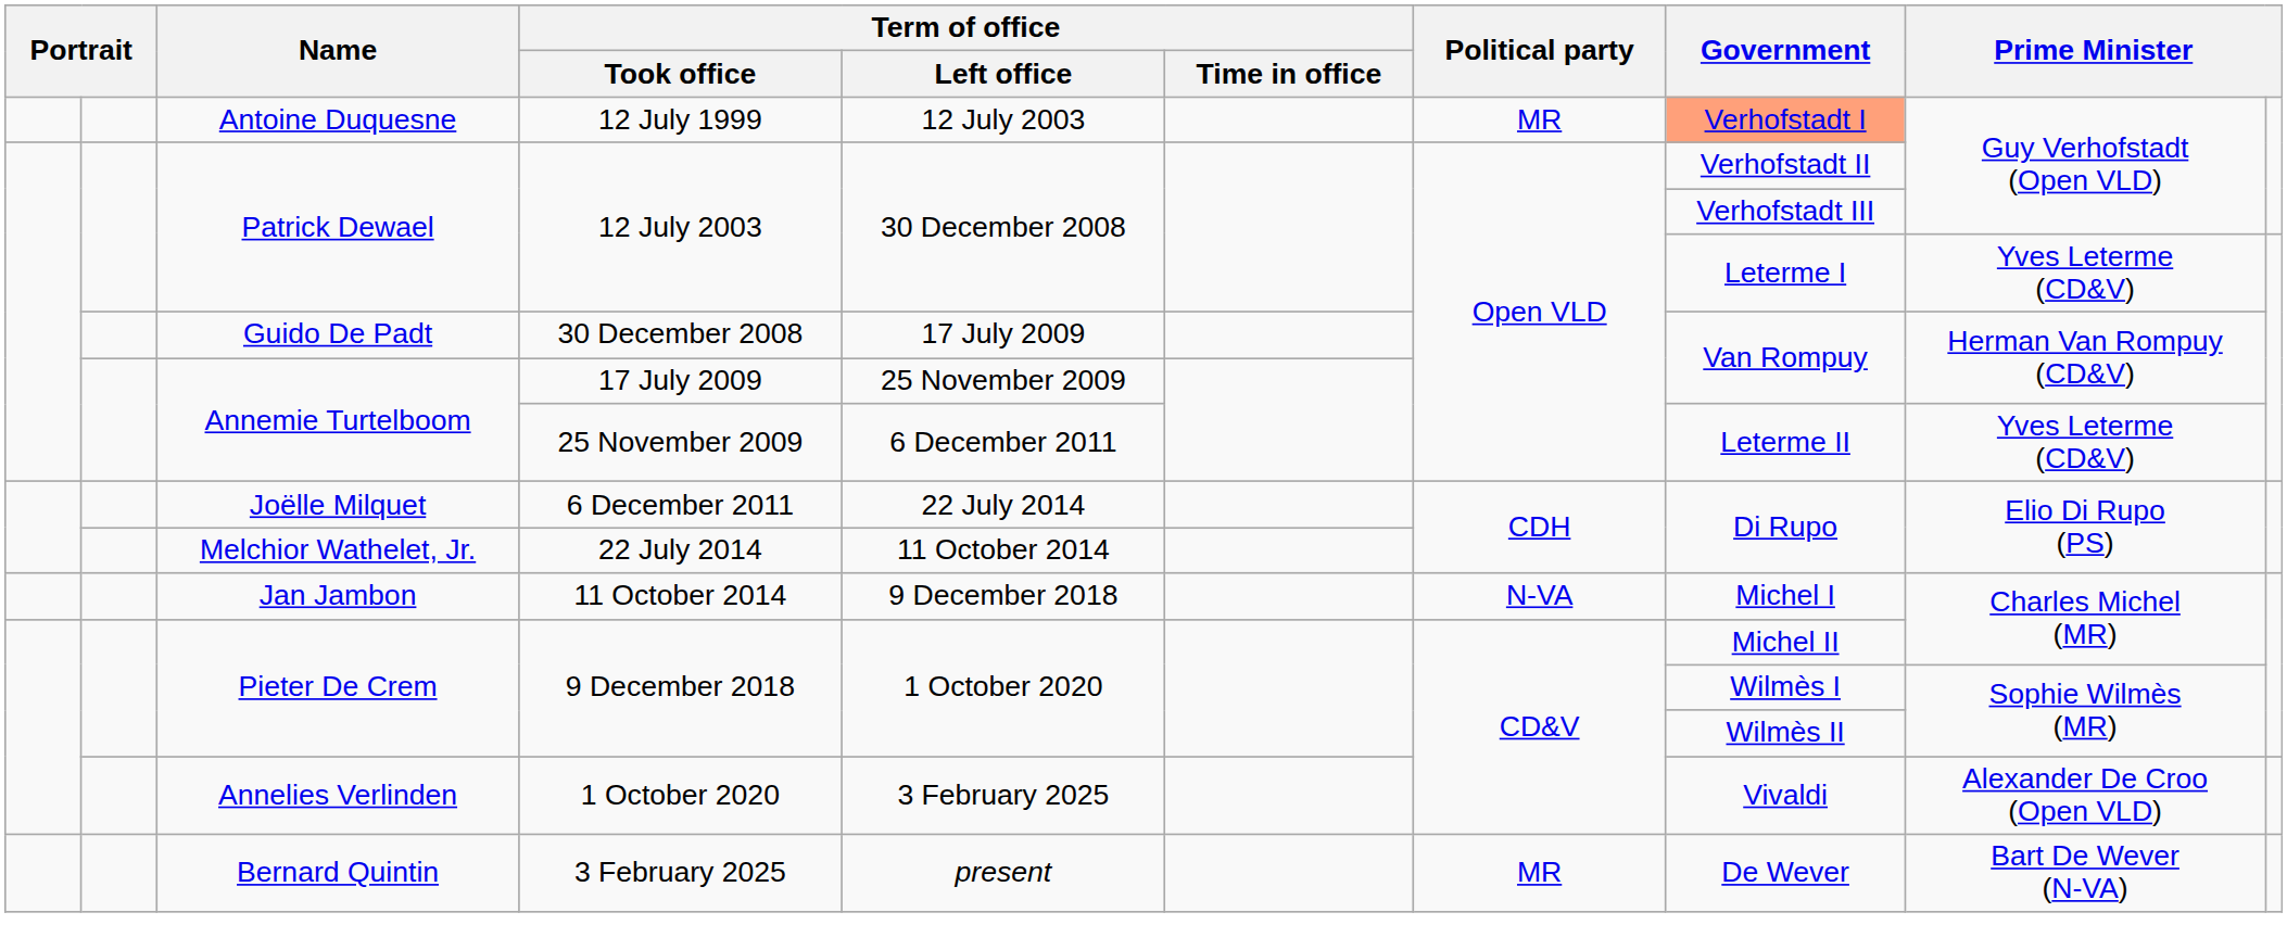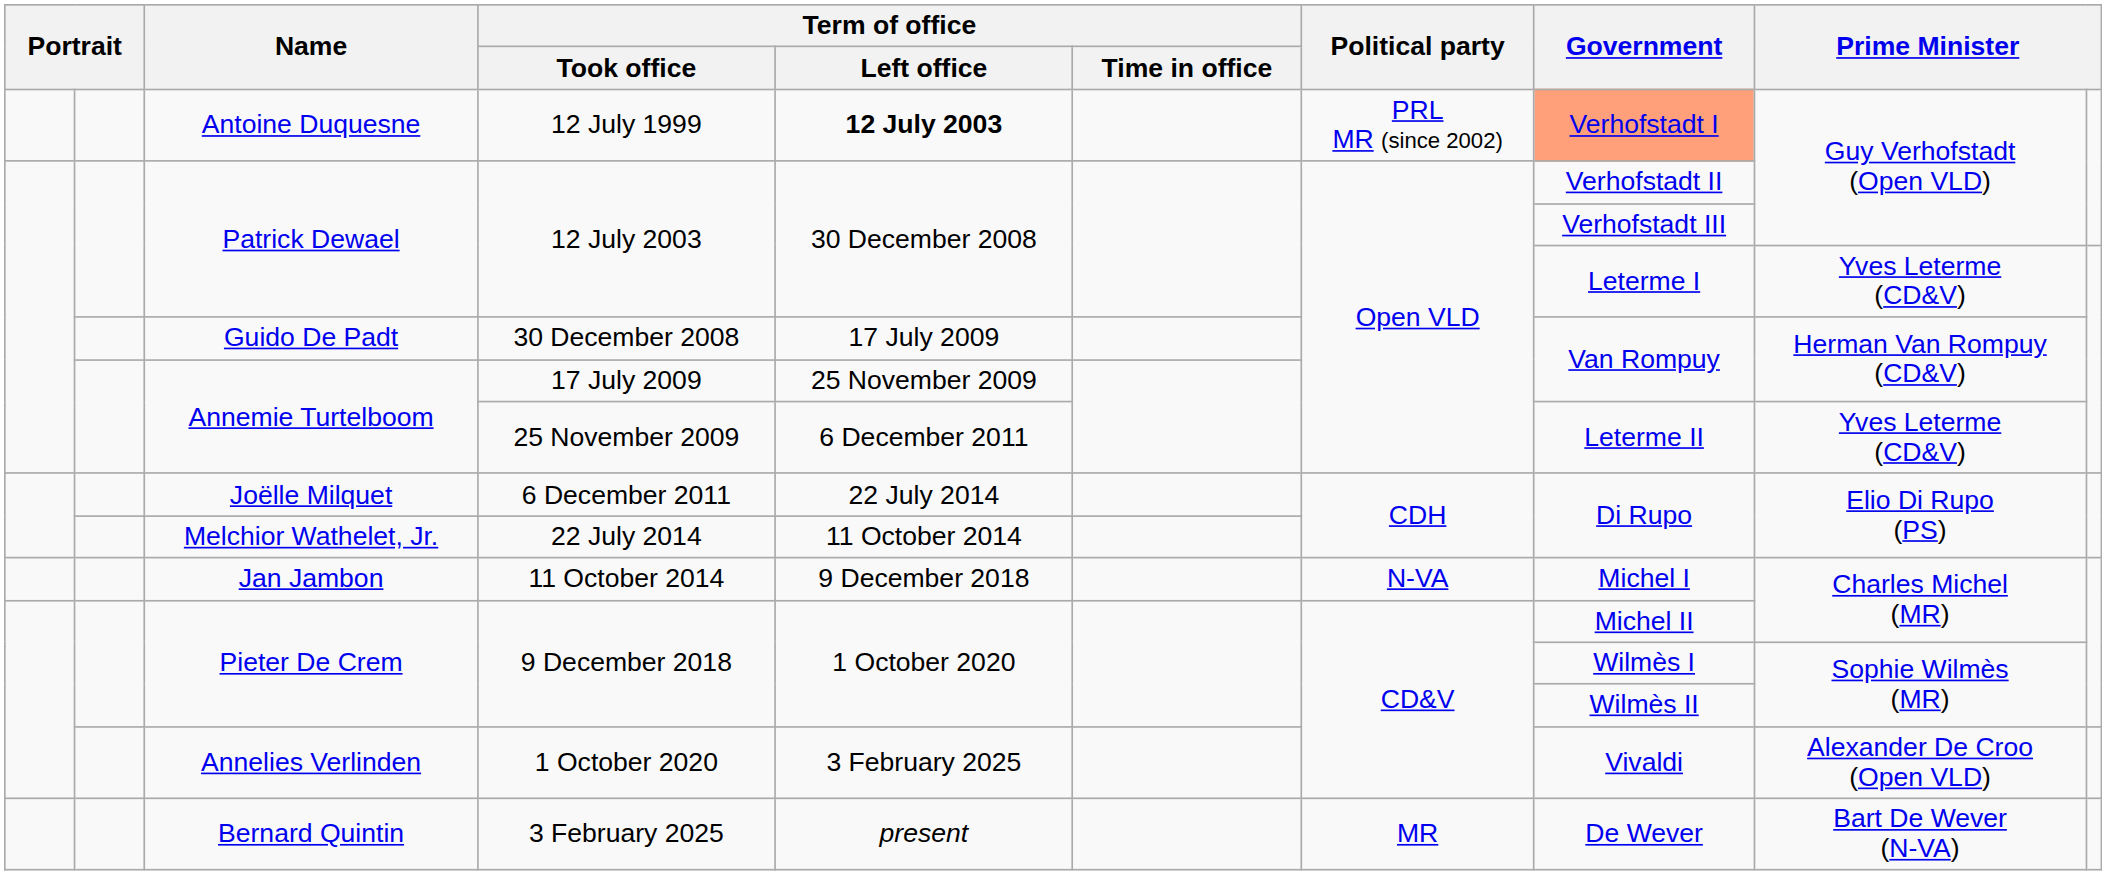 <table class="wikitable" style="text-align:center; width:100%; border:1px #AAAAFF solid">
 <tr>
 <th rowspan="2" colspan="2" width="60px">Portrait</th>
 <th rowspan="2">Name<br></th>
 <th colspan="3">Term of office</th>
 <th rowspan="2">Political party</th>
 <th rowspan="2"><a href='#'>Government</a></th>
 <th rowspan="2" colspan="2"><a href='#'>Prime Minister</a></th>
 </tr>
 <tr>
 <th>Took office</th>
 <th>Left office</th>
 <th>Time in office</th>
 </tr>
 <tr>
 <td></td>
 <td></td>
 <td><a href='#'>Antoine Duquesne</a><br></td>
 <td>12 July 1999</td>
-<td>12 July 2003</td>
+<td><strong>12 July 2003</strong></td>
 <td></td>
-<td><a href='#'>MR</a></td>
+<td><a href='#'>PRL</a><br><a href='#'>MR</a> <small>(since 2002)</small></td>
 <td style="background: lightsalmon;"><a href='#'>Verhofstadt I</a></td>
 <td rowspan="3"><a href='#'>Guy Verhofstadt</a><br>(<a href='#'>Open VLD</a>)</td>
 <td rowspan="3"></td>
 </tr>
 <tr>
 <td rowspan="6"></td>
 <td rowspan="3"></td>
 <td rowspan="3"><a href='#'>Patrick Dewael</a><br></td>
 <td rowspan="3">12 July 2003</td>
 <td rowspan="3">30 December 2008</td>
 <td rowspan="3"></td>
 <td rowspan="6"><a href='#'>Open VLD</a></td>
 <td><a href='#'>Verhofstadt II</a></td>
 </tr>
 <tr>
 <td><a href='#'>Verhofstadt III</a></td>
 </tr>
 <tr>
 <td><a href='#'>Leterme I</a></td>
 <td><a href='#'>Yves Leterme</a><br>(<a href='#'>CD&V</a>)</td>
 <td rowspan="4"></td>
 </tr>
 <tr>
 <td></td>
 <td><a href='#'>Guido De Padt</a><br></td>
 <td>30 December 2008</td>
 <td>17 July 2009</td>
 <td></td>
 <td rowspan="2"><a href='#'>Van Rompuy</a></td>
 <td rowspan="2"><a href='#'>Herman Van Rompuy</a><br>(<a href='#'>CD&V</a>)</td>
 </tr>
 <tr>
 <td rowspan="2"></td>
 <td rowspan="2"><a href='#'>Annemie Turtelboom</a><br></td>
 <td>17 July 2009</td>
 <td>25 November 2009</td>
 <td rowspan="2"></td>
 </tr>
 <tr>
 <td>25 November 2009</td>
 <td>6 December 2011</td>
 <td><a href='#'>Leterme II</a></td>
 <td><a href='#'>Yves Leterme</a><br>(<a href='#'>CD&V</a>)</td>
 </tr>
 <tr>
 <td rowspan="2"></td>
 <td></td>
 <td><a href='#'>Joëlle Milquet</a><br></td>
 <td>6 December 2011</td>
 <td>22 July 2014</td>
 <td></td>
 <td rowspan="2"><a href='#'>CDH</a></td>
 <td rowspan="2"><a href='#'>Di Rupo</a></td>
 <td rowspan="2"><a href='#'>Elio Di Rupo</a><br>(<a href='#'>PS</a>)</td>
 <td rowspan="2"></td>
 </tr>
 <tr>
 <td></td>
 <td><a href='#'>Melchior Wathelet, Jr.</a><br></td>
 <td>22 July 2014</td>
 <td>11 October 2014</td>
 <td></td>
 </tr>
 <tr>
 <td></td>
 <td></td>
 <td><a href='#'>Jan Jambon</a><br></td>
 <td>11 October 2014</td>
 <td>9 December 2018</td>
 <td></td>
 <td><a href='#'>N-VA</a></td>
 <td><a href='#'>Michel I</a></td>
 <td rowspan="2"><a href='#'>Charles Michel</a><br>(<a href='#'>MR</a>)</td>
 <td rowspan="4"></td>
 </tr>
 <tr>
 <td rowspan="4"></td>
 <td rowspan="3"></td>
 <td rowspan="3"><a href='#'>Pieter De Crem</a><br></td>
 <td rowspan="3">9 December 2018</td>
 <td rowspan="3">1 October 2020</td>
 <td rowspan="3"></td>
 <td rowspan="4"><a href='#'>CD&V</a></td>
 <td><a href='#'>Michel II</a></td>
 </tr>
 <tr>
 <td><a href='#'>Wilmès I</a></td>
 <td rowspan="2"><a href='#'>Sophie Wilmès</a><br>(<a href='#'>MR</a>)</td>
 </tr>
 <tr>
 <td><a href='#'>Wilmès II</a></td>
 </tr>
 <tr>
 <td></td>
 <td><a href='#'>Annelies Verlinden</a><br></td>
 <td>1 October 2020</td>
 <td>3 February 2025</td>
 <td></td>
 <td><a href='#'>Vivaldi</a></td>
 <td><a href='#'>Alexander De Croo</a><br>(<a href='#'>Open VLD</a>)</td>
 <td></td>
 </tr>
 <tr>
 <td></td>
 <td></td>
 <td><a href='#'>Bernard Quintin</a><br></td>
 <td>3 February 2025</td>
 <td><em>present</em></td>
 <td></td>
 <td><a href='#'>MR</a></td>
 <td><a href='#'>De Wever</a></td>
 <td><a href='#'>Bart De Wever</a><br>(<a href='#'>N-VA</a>)</td>
 <td></td>
 </tr>
 </table>
